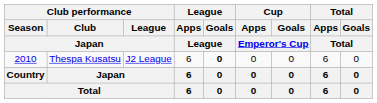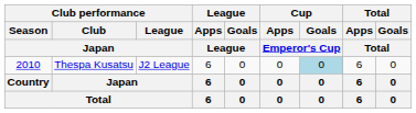 <table class="wikitable" style="text-align:center;">
 <tr>
 <th colspan=3>Club performance</th>
 <th colspan=2>League</th>
 <th colspan=2>Cup</th>
 <th colspan=2>Total</th>
 </tr>
 <tr>
 <th>Season</th>
 <th>Club</th>
 <th>League</th>
 <th>Apps</th>
 <th>Goals</th>
 <th>Apps</th>
 <th>Goals</th>
 <th>Apps</th>
 <th>Goals</th>
 </tr>
 <tr>
 <th colspan=3>Japan</th>
 <th colspan=2>League</th>
 <th colspan=2><a href='#'>Emperor's Cup</a></th>
 <th colspan=2>Total</th>
 </tr>
 <tr>
 <td><a href='#'>2010</a></td>
 <td><a href='#'>Thespa Kusatsu</a></td>
 <td><a href='#'>J2 League</a></td>
 <td>6</td>
-<td><strong>0</strong></td>
 <td>0</td>
 <td>0</td>
+<td style="background: lightblue;">0</td>
 <td>6</td>
 <td>0</td>
 </tr>
 <tr>
 <th rowspan=1>Country</th>
 <th colspan=2>Japan</th>
 <th>6</th>
 <th>0</th>
 <th>0</th>
 <th>0</th>
 <th>6</th>
 <th>0</th>
 </tr>
 <tr>
 <th colspan=3>Total</th>
 <th>6</th>
 <th>0</th>
 <th>0</th>
 <th>0</th>
 <th>6</th>
 <th>0</th>
 </tr>
 </table>
